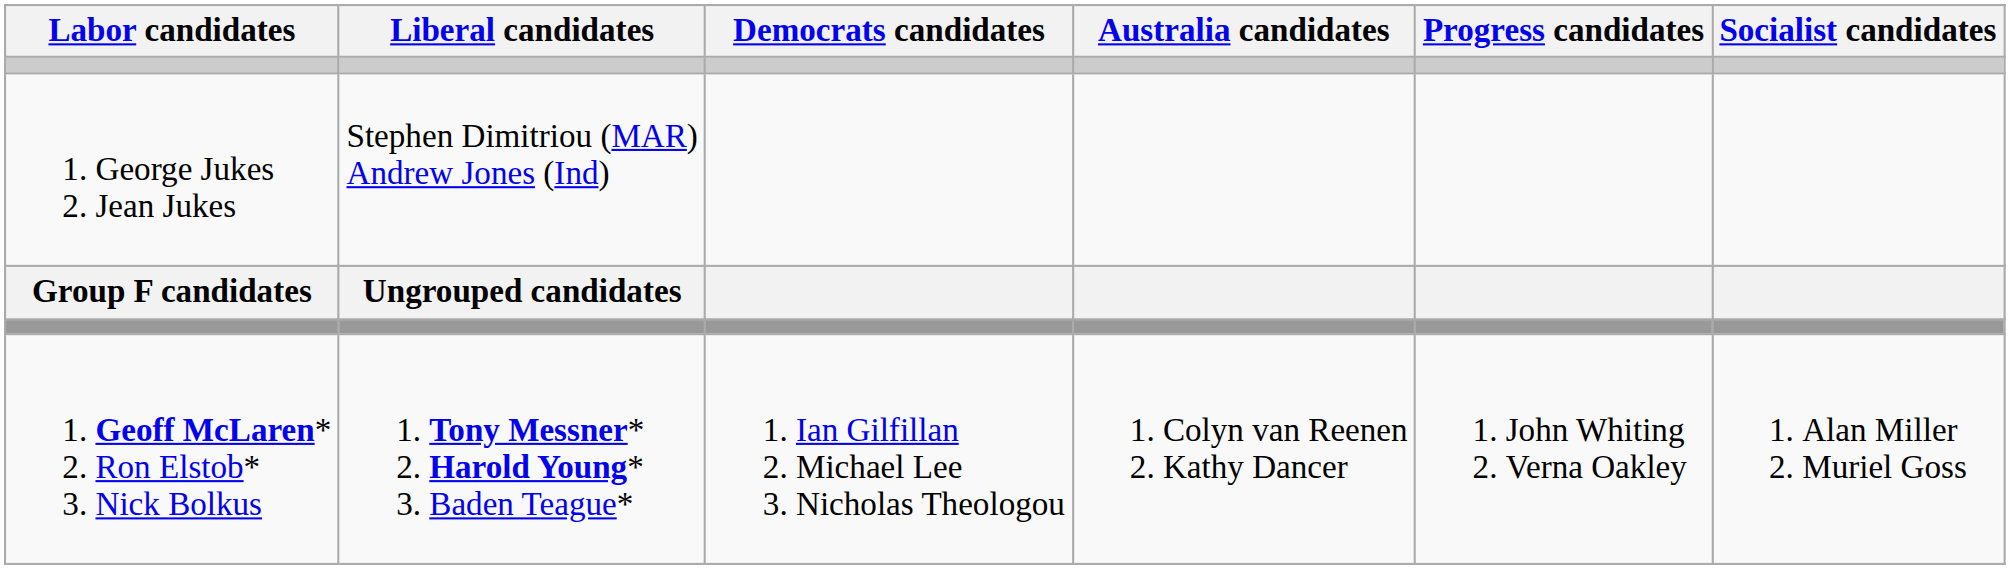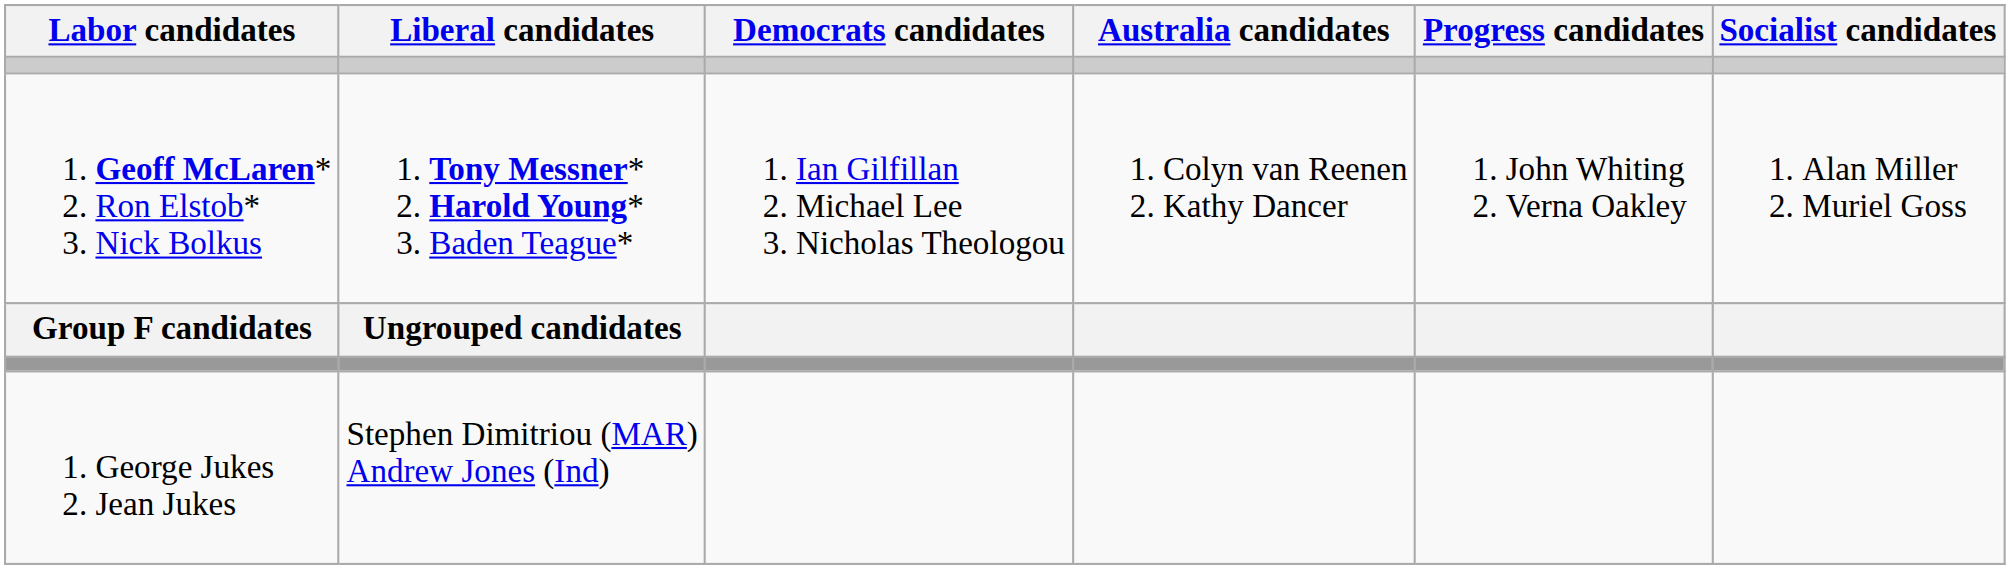 <table class="wikitable">
 <tr>
 <th><a href='#'>Labor</a> candidates</th>
 <th><a href='#'>Liberal</a> candidates</th>
 <th><a href='#'>Democrats</a> candidates</th>
 <th><a href='#'>Australia</a> candidates</th>
 <th><a href='#'>Progress</a> candidates</th>
 <th><a href='#'>Socialist</a> candidates</th>
 </tr>
 <tr bgcolor="#cccccc">
 <td></td>
 <td></td>
 <td></td>
 <td></td>
 <td></td>
 <td></td>
 </tr>
 <tr>
-<td valign=top><br><ol><li>George Jukes</li><li>Jean Jukes</li></ol></td>
-<td valign=top><br>Stephen Dimitriou (<a href='#'>MAR</a>)<br> <a href='#'>Andrew Jones</a> (<a href='#'>Ind</a>)</td>
-<td valign=top></td>
-<td valign=top></td>
-<td valign=top></td>
-<td valign=top></td>
+<td><br><ol><li><strong><a href='#'>Geoff McLaren</a></strong>*</li><li><a href='#'>Ron Elstob</a>*</li><li><a href='#'>Nick Bolkus</a></li></ol></td>
+<td><br><ol><li><strong><a href='#'>Tony Messner</a></strong>*</li><li><strong><a href='#'>Harold Young</a></strong>*</li><li><a href='#'>Baden Teague</a>*</li></ol></td>
+<td valign=top><br><ol><li><a href='#'>Ian Gilfillan</a></li><li>Michael Lee</li><li>Nicholas Theologou</li></ol></td>
+<td valign=top><br><ol><li>Colyn van Reenen</li><li>Kathy Dancer</li></ol></td>
+<td valign=top><br><ol><li>John Whiting</li><li>Verna Oakley</li></ol></td>
+<td valign=top><br><ol><li>Alan Miller</li><li>Muriel Goss</li></ol></td>
 </tr>
 <tr bgcolor="#cccccc">
 <th>Group F candidates</th>
 <th>Ungrouped candidates</th>
 <th></th>
 <th></th>
 <th></th>
 <th></th>
 </tr>
 <tr bgcolor="#cccccc">
 <td bgcolor="#999999"></td>
 <td bgcolor="#999999"></td>
 <td bgcolor="#999999"></td>
 <td bgcolor="#999999"></td>
 <td bgcolor="#999999"></td>
 <td bgcolor="#999999"></td>
 </tr>
 <tr>
-<td><br><ol><li><strong><a href='#'>Geoff McLaren</a></strong>*</li><li><a href='#'>Ron Elstob</a>*</li><li><a href='#'>Nick Bolkus</a></li></ol></td>
-<td><br><ol><li><strong><a href='#'>Tony Messner</a></strong>*</li><li><strong><a href='#'>Harold Young</a></strong>*</li><li><a href='#'>Baden Teague</a>*</li></ol></td>
-<td valign=top><br><ol><li><a href='#'>Ian Gilfillan</a></li><li>Michael Lee</li><li>Nicholas Theologou</li></ol></td>
-<td valign=top><br><ol><li>Colyn van Reenen</li><li>Kathy Dancer</li></ol></td>
-<td valign=top><br><ol><li>John Whiting</li><li>Verna Oakley</li></ol></td>
-<td valign=top><br><ol><li>Alan Miller</li><li>Muriel Goss</li></ol></td>
+<td valign=top><br><ol><li>George Jukes</li><li>Jean Jukes</li></ol></td>
+<td valign=top><br>Stephen Dimitriou (<a href='#'>MAR</a>)<br> <a href='#'>Andrew Jones</a> (<a href='#'>Ind</a>)</td>
+<td valign=top></td>
+<td valign=top></td>
+<td valign=top></td>
+<td valign=top></td>
 </tr>
 </table>
